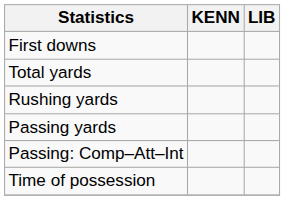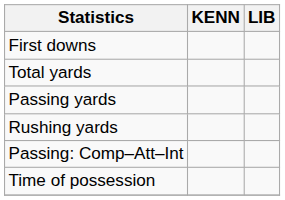 <table class="wikitable" style="float: left;">
 <tr>
 <th>Statistics</th>
 <th>KENN</th>
 <th>LIB</th>
 </tr>
 <tr>
 <td>First downs</td>
 <td></td>
 <td></td>
 </tr>
 <tr>
 <td>Total yards</td>
 <td></td>
 <td></td>
 </tr>
 <tr>
-<td>Rushing yards</td>
+<td>Passing yards</td>
 <td></td>
 <td></td>
 </tr>
 <tr>
-<td>Passing yards</td>
+<td>Rushing yards</td>
 <td></td>
 <td></td>
 </tr>
 <tr>
 <td>Passing: Comp–Att–Int</td>
 <td></td>
 <td></td>
 </tr>
 <tr>
 <td>Time of possession</td>
 <td></td>
 <td></td>
 </tr>
 <tr>
 </tr>
 </table>
